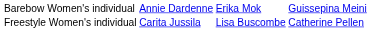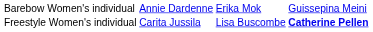 <table>
 <tr>
 <td>Barebow Women's individual<br></td>
 <td> <a href='#'>Annie Dardenne</a></td>
 <td> <a href='#'>Erika Mok</a></td>
 <td> <a href='#'>Guissepina Meini</a></td>
 </tr>
 <tr>
 <td>Freestyle Women's individual<br></td>
 <td> <a href='#'>Carita Jussila</a></td>
 <td> <a href='#'>Lisa Buscombe</a></td>
-<td> <a href='#'>Catherine Pellen</a></td>
+<td><strong> <a href='#'>Catherine Pellen</a></strong></td>
 </tr>
 </table>
